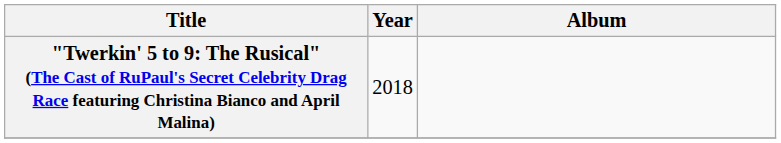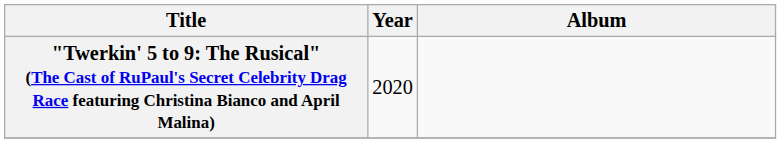 <table class="wikitable plainrowheaders" style="text-align:center;">
 <tr>
 <th style="width:20em;">Title</th>
 <th style="width:1em;">Year</th>
 <th style="width:20em;">Album</th>
 </tr>
 <tr>
 <th scope="row">"Twerkin' 5 to 9: The Rusical"<br><small>(<a href='#'>The Cast of RuPaul's Secret Celebrity Drag Race</a> featuring Christina Bianco and April Malina)</small></th>
-<td>2018</td>
+<td>2020</td>
 <td></td>
 </tr>
 <tr>
 </tr>
 </table>
